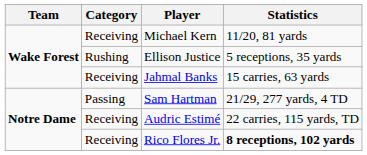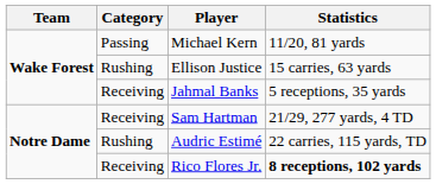 <table class="wikitable" style="float: right;">
 <tr>
 <th>Team</th>
 <th>Category</th>
 <th>Player</th>
 <th>Statistics</th>
 </tr>
 <tr>
 <td rowspan=3><strong>Wake Forest</strong></td>
-<td>Receiving</td>
+<td>Passing</td>
 <td>Michael Kern</td>
 <td>11/20, 81 yards</td>
 </tr>
 <tr>
 <td>Rushing</td>
 <td>Ellison Justice</td>
-<td>5 receptions, 35 yards</td>
+<td>15 carries, 63 yards</td>
 </tr>
 <tr>
 <td>Receiving</td>
 <td><a href='#'>Jahmal Banks</a></td>
-<td>15 carries, 63 yards</td>
+<td>5 receptions, 35 yards</td>
 </tr>
 <tr>
 <td rowspan=3><strong>Notre Dame</strong></td>
-<td>Passing</td>
+<td>Receiving</td>
 <td><a href='#'>Sam Hartman</a></td>
 <td>21/29, 277 yards, 4 TD</td>
 </tr>
 <tr>
-<td>Receiving</td>
+<td>Rushing</td>
 <td><a href='#'>Audric Estimé</a></td>
 <td>22 carries, 115 yards, TD</td>
 </tr>
 <tr>
 <td>Receiving</td>
 <td><a href='#'>Rico Flores Jr.</a></td>
 <td><strong>8 receptions, 102 yards</strong></td>
 </tr>
 </table>
